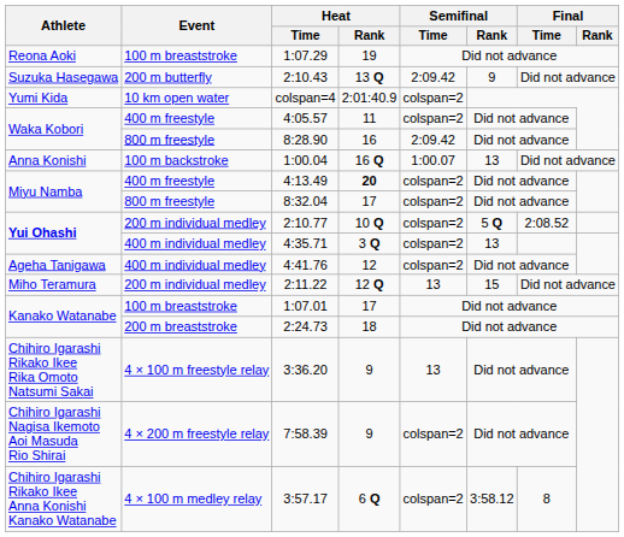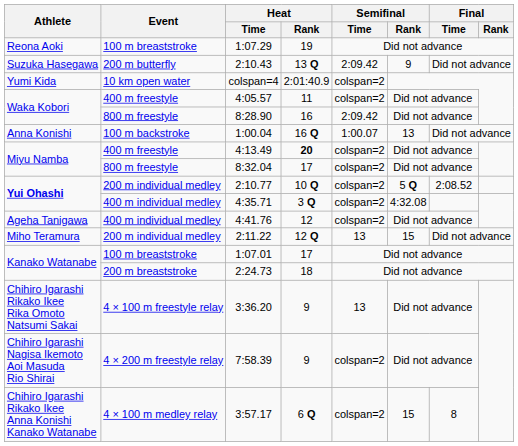 <table class=wikitable style="font-size:90%">
 <tr>
 <th rowspan="2">Athlete</th>
 <th rowspan="2">Event</th>
 <th colspan="2">Heat</th>
 <th colspan="2">Semifinal</th>
 <th colspan="2">Final</th>
 </tr>
 <tr style="font-size:95%">
 <th>Time</th>
 <th>Rank</th>
 <th>Time</th>
 <th>Rank</th>
 <th>Time</th>
 <th>Rank</th>
 </tr>
 <tr align=center>
 <td align=left><a href='#'>Reona Aoki</a></td>
 <td align=left><a href='#'>100 m breaststroke</a></td>
 <td>1:07.29</td>
 <td>19</td>
 <td colspan="4">Did not advance</td>
 </tr>
 <tr align=center>
 <td align=left><a href='#'>Suzuka Hasegawa</a></td>
 <td align=left><a href='#'>200 m butterfly</a></td>
 <td>2:10.43</td>
 <td>13 <strong>Q</strong></td>
 <td>2:09.42</td>
 <td>9</td>
 <td colspan="2">Did not advance</td>
 </tr>
 <tr align=center>
 <td align=left><a href='#'>Yumi Kida</a></td>
 <td align=left><a href='#'>10 km open water</a></td>
 <td>colspan=4 </td>
 <td>2:01:40.9</td>
 <td>colspan=2 </td>
 </tr>
 <tr align=center>
 <td align=left rowspan=2><a href='#'>Waka Kobori</a></td>
 <td align=left><a href='#'>400 m freestyle</a></td>
 <td>4:05.57</td>
 <td>11</td>
 <td>colspan=2 </td>
 <td colspan="2">Did not advance</td>
 </tr>
 <tr align=center>
 <td align=left><a href='#'>800 m freestyle</a></td>
 <td>8:28.90</td>
 <td>16</td>
 <td>2:09.42</td>
 <td colspan="2">Did not advance</td>
 </tr>
 <tr align=center>
 <td align=left><a href='#'>Anna Konishi</a></td>
 <td align=left><a href='#'>100 m backstroke</a></td>
 <td>1:00.04</td>
 <td>16 <strong>Q</strong></td>
 <td>1:00.07</td>
 <td>13</td>
 <td colspan="2">Did not advance</td>
 </tr>
 <tr align=center>
 <td align=left rowspan=2><a href='#'>Miyu Namba</a></td>
 <td align=left><a href='#'>400 m freestyle</a></td>
 <td>4:13.49</td>
 <td><strong>20</strong></td>
 <td>colspan=2 </td>
 <td colspan="2">Did not advance</td>
 </tr>
 <tr align=center>
 <td align=left><a href='#'>800 m freestyle</a></td>
 <td>8:32.04</td>
 <td>17</td>
 <td>colspan=2 </td>
 <td colspan="2">Did not advance</td>
 </tr>
 <tr align=center>
 <td align=left rowspan=2><strong><a href='#'>Yui Ohashi</a></strong></td>
 <td align=left><a href='#'>200 m individual medley</a></td>
 <td>2:10.77</td>
 <td>10 <strong>Q</strong></td>
 <td>colspan=2 </td>
 <td>5 <strong>Q</strong></td>
 <td>2:08.52</td>
 <td></td>
 </tr>
 <tr align=center>
 <td align=left><a href='#'>400 m individual medley</a></td>
 <td>4:35.71</td>
 <td>3 <strong>Q</strong></td>
 <td>colspan=2 </td>
-<td>13</td>
+<td>4:32.08</td>
 <td></td>
 </tr>
 <tr align=center>
 <td align=left><a href='#'>Ageha Tanigawa</a></td>
 <td align=left><a href='#'>400 m individual medley</a></td>
 <td>4:41.76</td>
 <td>12</td>
 <td>colspan=2 </td>
 <td colspan="2">Did not advance</td>
 </tr>
 <tr align=center>
 <td align=left><a href='#'>Miho Teramura</a></td>
 <td align=left><a href='#'>200 m individual medley</a></td>
 <td>2:11.22</td>
 <td>12 <strong>Q</strong></td>
 <td>13</td>
 <td>15</td>
 <td colspan="2">Did not advance</td>
 </tr>
 <tr align=center>
 <td align=left rowspan=2><a href='#'>Kanako Watanabe</a></td>
 <td align=left><a href='#'>100 m breaststroke</a></td>
 <td>1:07.01</td>
 <td>17</td>
 <td colspan="4">Did not advance</td>
 </tr>
 <tr align=center>
 <td align=left><a href='#'>200 m breaststroke</a></td>
 <td>2:24.73</td>
 <td>18</td>
 <td colspan="4">Did not advance</td>
 </tr>
 <tr align=center>
 <td align=left><a href='#'>Chihiro Igarashi</a><br><a href='#'>Rikako Ikee</a><br><a href='#'>Rika Omoto</a><br><a href='#'>Natsumi Sakai</a></td>
 <td align=left><a href='#'>4 × 100 m freestyle relay</a></td>
 <td>3:36.20</td>
 <td>9</td>
 <td>13</td>
 <td colspan="2">Did not advance</td>
 </tr>
 <tr align=center>
 <td align=left><a href='#'>Chihiro Igarashi</a><br><a href='#'>Nagisa Ikemoto</a><br><a href='#'>Aoi Masuda</a><br><a href='#'>Rio Shirai</a></td>
 <td align=left><a href='#'>4 × 200 m freestyle relay</a></td>
 <td>7:58.39</td>
 <td>9</td>
 <td>colspan=2 </td>
 <td colspan="2">Did not advance</td>
 </tr>
 <tr align=center>
 <td align=left><a href='#'>Chihiro Igarashi</a><br><a href='#'>Rikako Ikee</a><br><a href='#'>Anna Konishi</a><br><a href='#'>Kanako Watanabe</a></td>
 <td align=left><a href='#'>4 × 100 m medley relay</a></td>
 <td>3:57.17</td>
 <td>6 <strong>Q</strong></td>
 <td>colspan=2 </td>
-<td>3:58.12</td>
+<td>15</td>
 <td>8</td>
 </tr>
 </table>
